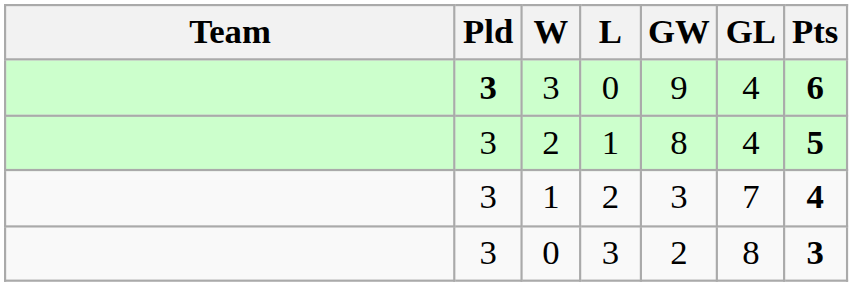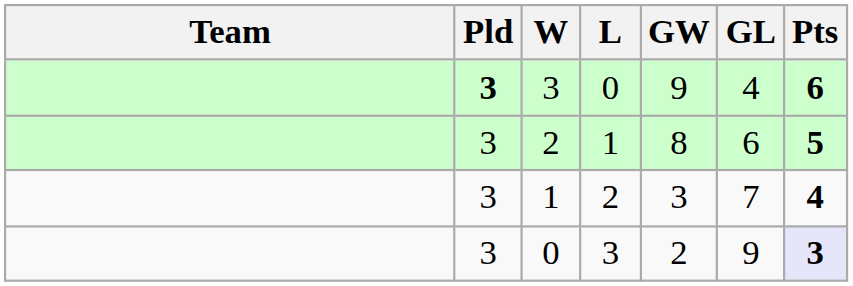 <table class="wikitable" style="text-align:center">
 <tr>
 <th width=200>Team</th>
 <th width=20>Pld</th>
 <th width=20>W</th>
 <th width=20>L</th>
 <th width=20>GW</th>
 <th width=20>GL</th>
 <th width=20>Pts</th>
 </tr>
 <tr bgcolor=ccffcc>
 <td style="text-align:left;"></td>
 <td><strong>3</strong></td>
 <td>3</td>
 <td>0</td>
 <td>9</td>
 <td>4</td>
 <td><strong>6</strong></td>
 </tr>
 <tr bgcolor=ccffcc>
 <td style="text-align:left;"></td>
 <td>3</td>
 <td>2</td>
 <td>1</td>
 <td>8</td>
-<td>4</td>
+<td>6</td>
 <td><strong>5</strong></td>
 </tr>
 <tr>
 <td style="text-align:left;"></td>
 <td>3</td>
 <td>1</td>
 <td>2</td>
 <td>3</td>
 <td>7</td>
 <td><strong>4</strong></td>
 </tr>
 <tr>
 <td style="text-align:left;"></td>
 <td>3</td>
 <td>0</td>
 <td>3</td>
 <td>2</td>
-<td>8</td>
-<td><strong>3</strong></td>
+<td>9</td>
+<td style="background: lavender;"><strong>3</strong></td>
 </tr>
 </table>
